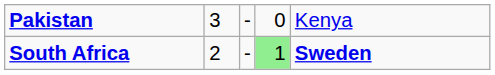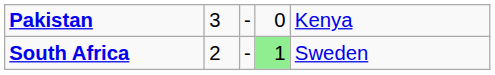 <table class="wikitable">
 <tr>
 <td width=150> <strong><a href='#'>Pakistan</a></strong></td>
 <td style="width:20px; text-align:left;">3</td>
 <td>-</td>
 <td style="width:20px; text-align:right;">0</td>
 <td width=150> <a href='#'>Kenya</a></td>
 </tr>
 <tr>
 <td> <strong><a href='#'>South Africa</a></strong></td>
 <td style="text-align:left;">2</td>
 <td>-</td>
 <td style="background: lightgreen; text-align:right;">1</td>
-<td><strong> <a href='#'>Sweden</a></strong></td>
+<td> <a href='#'>Sweden</a></td>
 </tr>
 </table>
